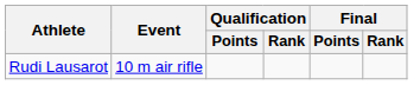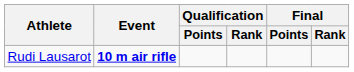 <table class=wikitable style=font-size:90%;text-align:center>
 <tr>
 <th rowspan=2>Athlete</th>
 <th rowspan=2>Event</th>
 <th colspan=2>Qualification</th>
 <th colspan=2>Final</th>
 </tr>
 <tr style=font-size:95%>
 <th>Points</th>
 <th>Rank</th>
 <th>Points</th>
 <th>Rank</th>
 </tr>
 <tr>
 <td align=left><a href='#'>Rudi Lausarot</a></td>
-<td align=left><a href='#'>10 m air rifle</a></td>
+<td align=left><strong><a href='#'>10 m air rifle</a></strong></td>
 <td></td>
 <td></td>
 <td></td>
 <td></td>
 </tr>
 </table>
